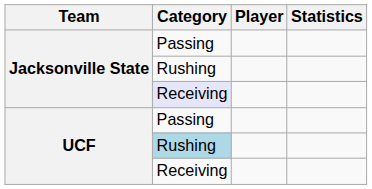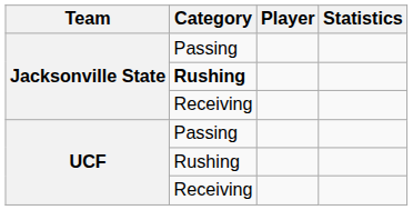 <table class="wikitable" style="float:right">
 <tr>
 <th>Team</th>
 <th>Category</th>
 <th>Player</th>
 <th>Statistics</th>
 </tr>
 <tr>
 <th rowspan=3>Jacksonville State</th>
 <td>Passing</td>
 <td></td>
 <td></td>
 </tr>
 <tr>
-<td>Rushing</td>
+<td><strong>Rushing</strong></td>
 <td></td>
 <td></td>
 </tr>
 <tr>
-<td style="background: lavender;">Receiving</td>
+<td>Receiving</td>
 <td></td>
 <td></td>
 </tr>
 <tr>
 <th rowspan=3>UCF</th>
 <td>Passing</td>
 <td></td>
 <td></td>
 </tr>
 <tr>
-<td style="background: lightblue;">Rushing</td>
+<td>Rushing</td>
 <td></td>
 <td></td>
 </tr>
 <tr>
 <td>Receiving</td>
 <td></td>
 <td></td>
 </tr>
 </table>
